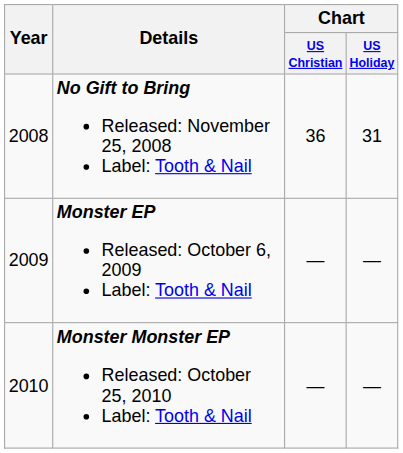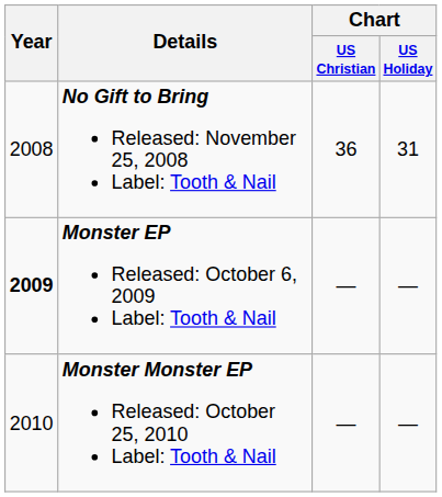 <table class="wikitable" style="text-align:center;">
 <tr>
 <th rowspan="2">Year</th>
 <th rowspan="2" style="width:200px;">Details</th>
 <th colspan="6">Chart</th>
 </tr>
 <tr style="font-size:smaller;">
 <th style="width:40px;"><small><a href='#'>US Christian</a></small></th>
 <th style="width:40px;"><small><a href='#'>US Holiday</a></small></th>
 </tr>
 <tr>
 <td>2008</td>
 <td style="text-align:left;"><strong><em>No Gift to Bring</em></strong><br><ul><li>Released: November 25, 2008</li><li>Label: <a href='#'>Tooth & Nail</a></li></ul></td>
 <td>36</td>
 <td>31</td>
 </tr>
 <tr>
-<td>2009</td>
+<td><strong>2009</strong></td>
 <td style="text-align:left;"><strong><em>Monster EP</em></strong><br><ul><li>Released: October 6, 2009</li><li>Label: <a href='#'>Tooth & Nail</a></li></ul></td>
 <td>—</td>
 <td>—</td>
 </tr>
 <tr>
 <td>2010</td>
 <td style="text-align:left;"><strong><em>Monster Monster EP</em></strong><br><ul><li>Released: October 25, 2010</li><li>Label: <a href='#'>Tooth & Nail</a></li></ul></td>
 <td>—</td>
 <td>—</td>
 </tr>
 </table>
